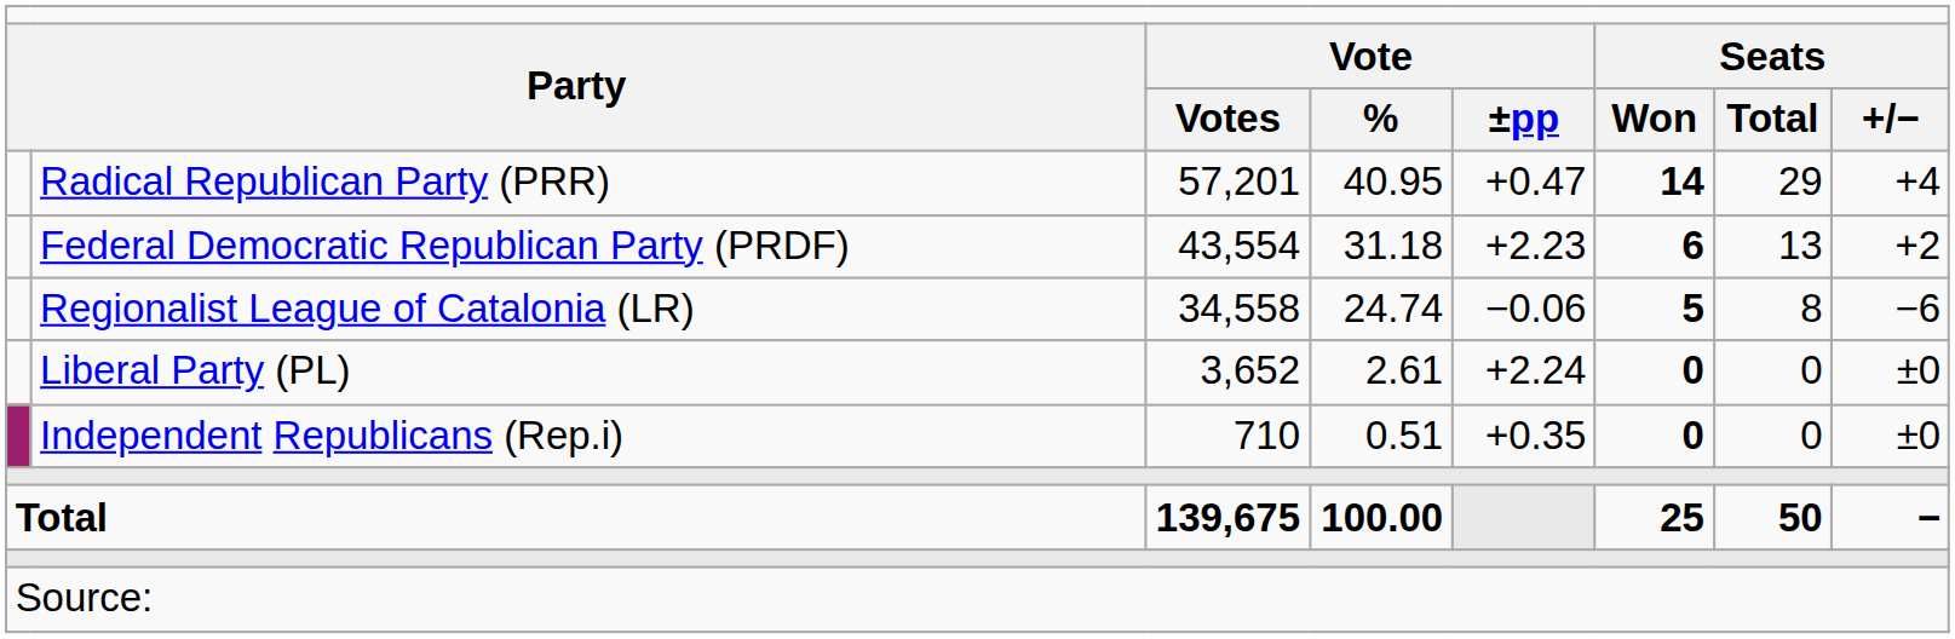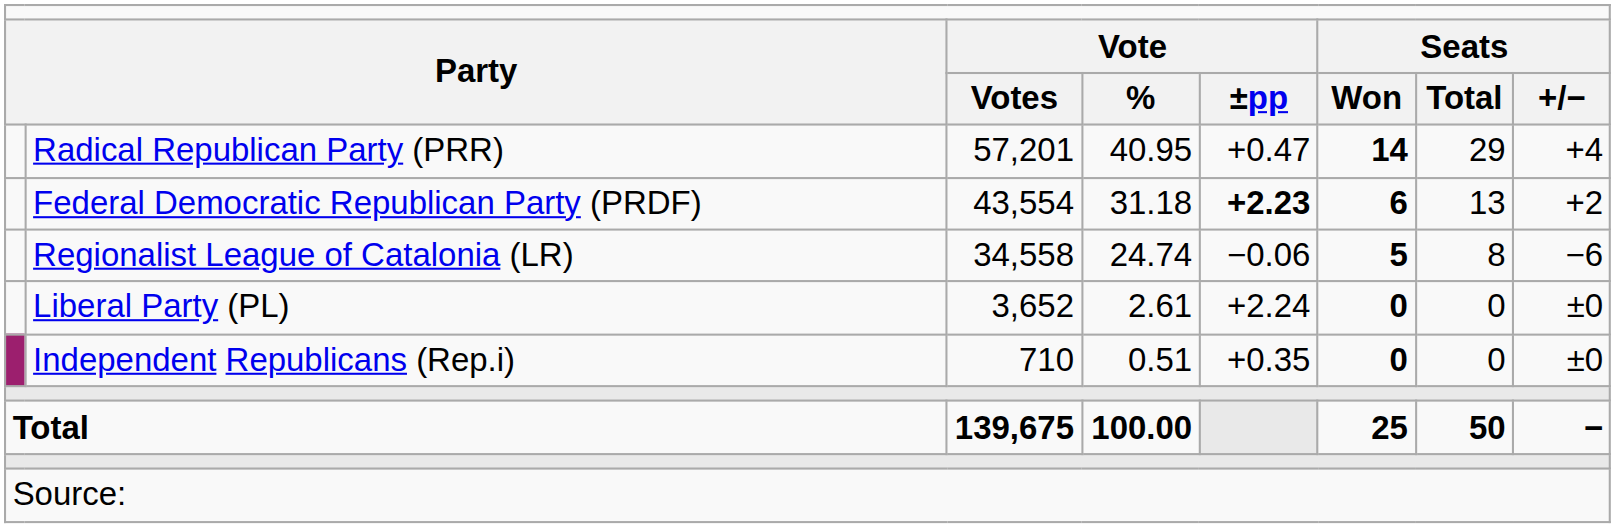 <table class='wikitable' style='text-align:right; font-size:100%;'>
 <tr>
 <td colspan='8'></td>
 </tr>
 <tr bgcolor='#E9E9E9' align='center'>
 <th align='left' rowspan='2' colspan='2' width='450'>Party</th>
 <th colspan='3'>Vote</th>
 <th colspan='3'>Seats</th>
 </tr>
 <tr bgcolor='#E9E9E9' align='center'>
 <th width='50'>Votes</th>
 <th width='50'>%</th>
 <th width='50'>±<a href='#'>pp</a></th>
 <th width='40'>Won</th>
 <th width='40'>Total</th>
 <th width='40'>+/−</th>
 </tr>
 <tr>
 <td></td>
 <td align='left'><a href='#'>Radical Republican Party</a> (PRR)</td>
 <td>57,201</td>
 <td>40.95</td>
 <td>+0.47</td>
 <td><strong>14</strong></td>
 <td>29</td>
 <td>+4</td>
 </tr>
 <tr>
 <td></td>
 <td align='left'><a href='#'>Federal Democratic Republican Party</a> (PRDF)</td>
 <td>43,554</td>
 <td>31.18</td>
-<td>+2.23</td>
+<td><strong>+2.23</strong></td>
 <td><strong>6</strong></td>
 <td>13</td>
 <td>+2</td>
 </tr>
 <tr>
 <td></td>
 <td align='left'><a href='#'>Regionalist League of Catalonia</a> (LR)</td>
 <td>34,558</td>
 <td>24.74</td>
 <td>−0.06</td>
 <td><strong>5</strong></td>
 <td>8</td>
 <td>−6</td>
 </tr>
 <tr>
 <td></td>
 <td align='left'><a href='#'>Liberal Party</a> (PL)</td>
 <td>3,652</td>
 <td>2.61</td>
 <td>+2.24</td>
 <td><strong>0</strong></td>
 <td>0</td>
 <td>±0</td>
 </tr>
 <tr>
 <td bgcolor='#9C1F6E'></td>
 <td align='left'><a href='#'>Independent</a> <a href='#'>Republicans</a> (Rep.i)</td>
 <td>710</td>
 <td>0.51</td>
 <td>+0.35</td>
 <td><strong>0</strong></td>
 <td>0</td>
 <td>±0</td>
 </tr>
 <tr>
 <td colspan='8' bgcolor='#E9E9E9'></td>
 </tr>
 <tr style='font-weight:bold;'>
 <td align='left' colspan='2'>Total</td>
 <td>139,675</td>
 <td>100.00</td>
 <td bgcolor='#E9E9E9'></td>
 <td>25</td>
 <td>50</td>
 <td>−</td>
 </tr>
 <tr>
 <td colspan='8' bgcolor='#E9E9E9'></td>
 </tr>
 <tr>
 <td align='left' colspan='8'>Source:</td>
 </tr>
 </table>
